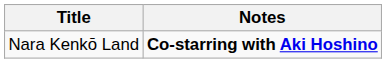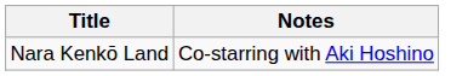 <table class="wikitable">
 <tr>
 <th>Title</th>
 <th>Notes</th>
 </tr>
 <tr>
 <td>Nara Kenkō Land</td>
-<td><strong>Co-starring with <a href='#'>Aki Hoshino</a></strong></td>
+<td>Co-starring with <a href='#'>Aki Hoshino</a></td>
 </tr>
 </table>
